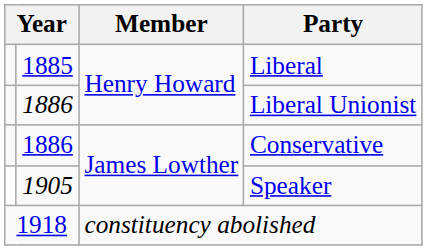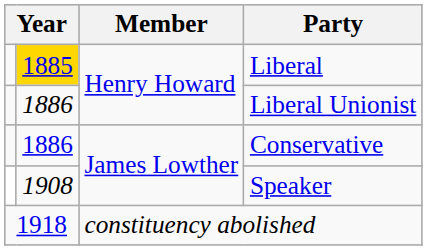 <table class="wikitable">
 <tr>
 <th colspan="2">Year</th>
 <th>Member</th>
 <th>Party</th>
 </tr>
 <tr>
 <td style="color:inherit;background-color: "></td>
-<td><a href='#'>1885</a></td>
+<td style="background: gold;"><a href='#'>1885</a></td>
 <td rowspan="2"><a href='#'>Henry Howard</a></td>
 <td><a href='#'>Liberal</a></td>
 </tr>
 <tr>
 <td style="color:inherit;background-color: "></td>
 <td><em>1886</em></td>
 <td><a href='#'>Liberal Unionist</a></td>
 </tr>
 <tr>
 <td style="color:inherit;background-color: "></td>
 <td><a href='#'>1886</a></td>
 <td rowspan="2"><a href='#'>James Lowther</a></td>
 <td><a href='#'>Conservative</a></td>
 </tr>
 <tr>
 <td style="color:inherit;background-color: white"></td>
-<td><em>1905</em></td>
+<td><em>1908</em></td>
 <td><a href='#'>Speaker</a></td>
 </tr>
 <tr>
 <td colspan="2" align="center"><a href='#'>1918</a></td>
 <td colspan="2"><em>constituency abolished</em></td>
 </tr>
 </table>
